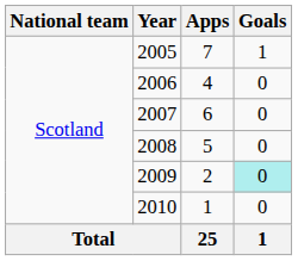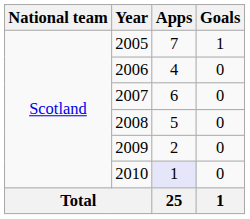 <table class="wikitable" style="text-align:center">
 <tr>
 <th>National team</th>
 <th>Year</th>
 <th>Apps</th>
 <th>Goals</th>
 </tr>
 <tr>
 <td rowspan="6"><a href='#'>Scotland</a></td>
 <td>2005</td>
 <td>7</td>
 <td>1</td>
 </tr>
 <tr>
 <td>2006</td>
 <td>4</td>
 <td>0</td>
 </tr>
 <tr>
 <td>2007</td>
 <td>6</td>
 <td>0</td>
 </tr>
 <tr>
 <td>2008</td>
 <td>5</td>
 <td>0</td>
 </tr>
 <tr>
 <td>2009</td>
 <td>2</td>
-<td style="background: paleturquoise;">0</td>
+<td>0</td>
 </tr>
 <tr>
 <td>2010</td>
-<td>1</td>
+<td style="background: lavender;">1</td>
 <td>0</td>
 </tr>
 <tr>
 <th colspan="2">Total</th>
 <th>25</th>
 <th>1</th>
 </tr>
 </table>
